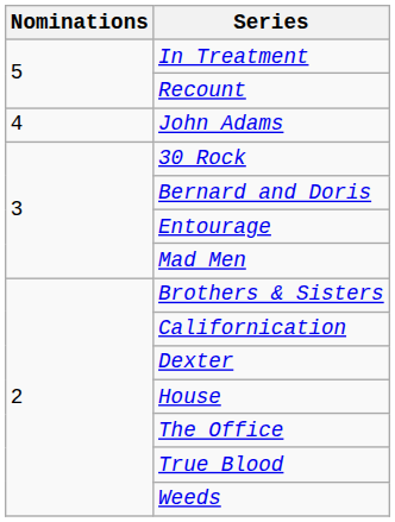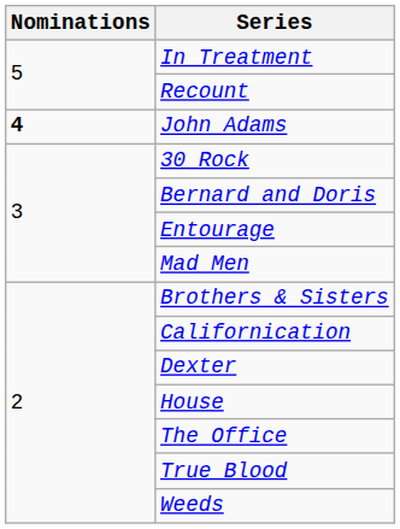 <table class="wikitable">
 <tr>
 <th>Nominations</th>
 <th>Series</th>
 </tr>
 <tr>
 <td rowspan="2">5</td>
 <td><em><a href='#'>In Treatment</a></em></td>
 </tr>
 <tr>
 <td><em><a href='#'>Recount</a></em></td>
 </tr>
 <tr>
-<td>4</td>
+<td><strong>4</strong></td>
 <td><em><a href='#'>John Adams</a></em></td>
 </tr>
 <tr>
 <td rowspan="4">3</td>
 <td><em><a href='#'>30 Rock</a></em></td>
 </tr>
 <tr>
 <td><em><a href='#'>Bernard and Doris</a></em></td>
 </tr>
 <tr>
 <td><em><a href='#'>Entourage</a></em></td>
 </tr>
 <tr>
 <td><em><a href='#'>Mad Men</a></em></td>
 </tr>
 <tr>
 <td rowspan="7">2</td>
 <td><em><a href='#'>Brothers & Sisters</a></em></td>
 </tr>
 <tr>
 <td><em><a href='#'>Californication</a></em></td>
 </tr>
 <tr>
 <td><em><a href='#'>Dexter</a></em></td>
 </tr>
 <tr>
 <td><em><a href='#'>House</a></em></td>
 </tr>
 <tr>
 <td><em><a href='#'>The Office</a></em></td>
 </tr>
 <tr>
 <td><em><a href='#'>True Blood</a></em></td>
 </tr>
 <tr>
 <td><em><a href='#'>Weeds</a></em></td>
 </tr>
 </table>
